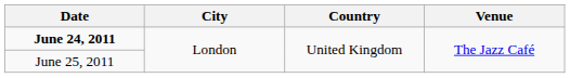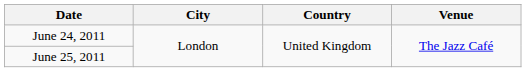 <table class="wikitable" style="text-align:center;">
 <tr>
 <th width="150">Date</th>
 <th width="150">City</th>
 <th width="150">Country</th>
 <th width="150">Venue</th>
 </tr>
 <tr>
-<td><strong>June 24, 2011</strong></td>
+<td>June 24, 2011</td>
 <td rowspan="2">London</td>
 <td rowspan="2">United Kingdom</td>
 <td rowspan="2"><a href='#'>The Jazz Café</a></td>
 </tr>
 <tr>
 <td>June 25, 2011</td>
 </tr>
 </table>
